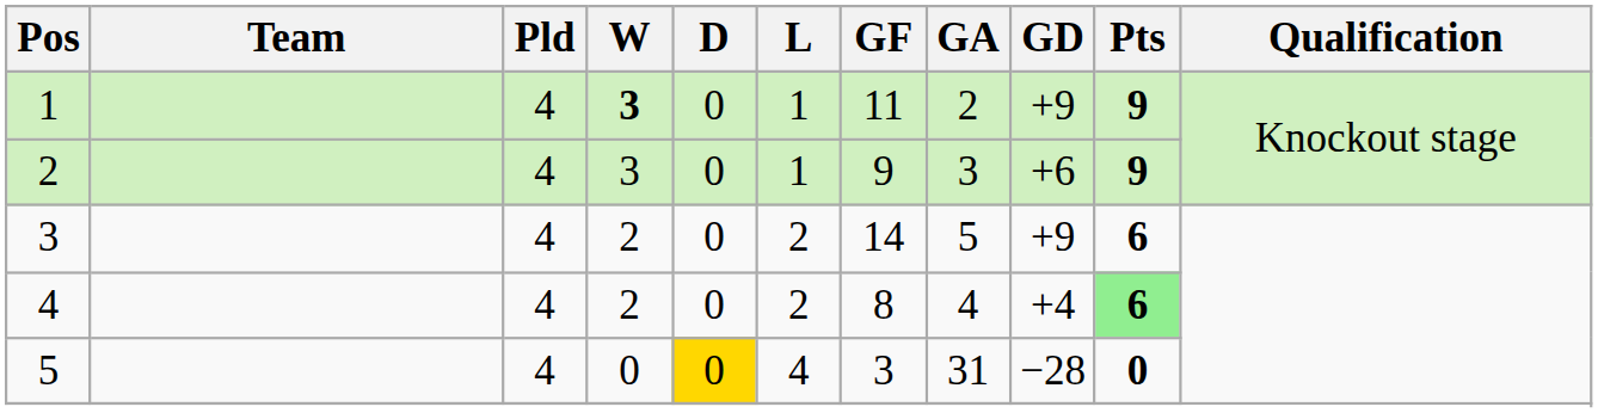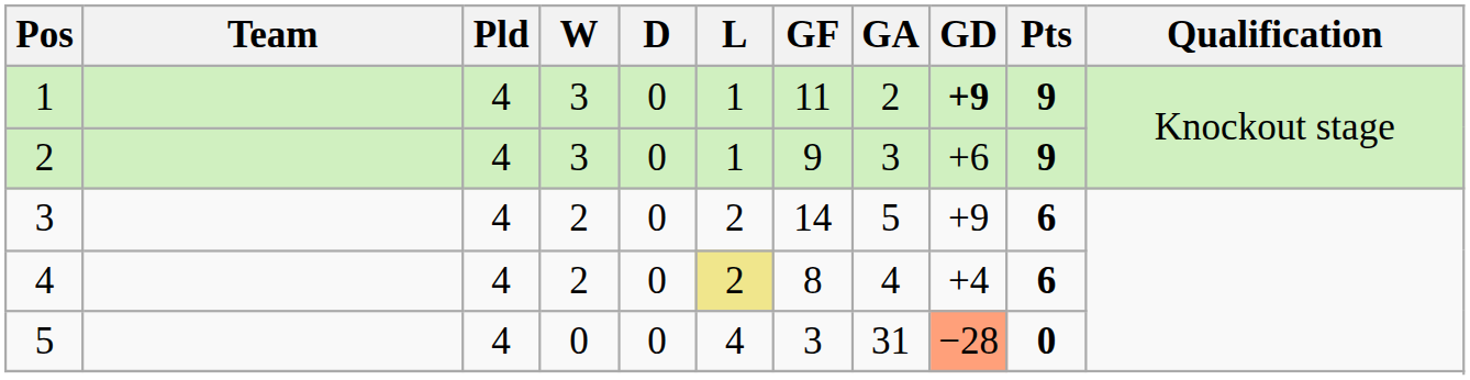 <table class="wikitable" border="1" style="text-align: center;">
 <tr>
 <th width="25"><abbr>Pos</abbr></th>
 <th width="150">Team</th>
 <th width="25"><abbr>Pld</abbr></th>
 <th width="25"><abbr>W</abbr></th>
 <th width="25"><abbr>D</abbr></th>
 <th width="25"><abbr>L</abbr></th>
 <th width="25"><abbr>GF</abbr></th>
 <th width="25"><abbr>GA</abbr></th>
 <th width="25"><abbr>GD</abbr></th>
 <th width="25"><abbr>Pts</abbr></th>
 <th width="150">Qualification</th>
 </tr>
 <tr bgcolor= #D0F0C0>
 <td>1</td>
 <td align="left"></td>
 <td>4</td>
-<td><strong>3</strong></td>
+<td>3</td>
 <td>0</td>
 <td>1</td>
 <td>11</td>
 <td>2</td>
-<td>+9</td>
+<td><strong>+9</strong></td>
 <td><strong>9</strong></td>
 <td rowspan=2>Knockout stage</td>
 </tr>
 <tr bgcolor= #D0F0C0>
 <td>2</td>
 <td align="left"></td>
 <td>4</td>
 <td>3</td>
 <td>0</td>
 <td>1</td>
 <td>9</td>
 <td>3</td>
 <td>+6</td>
 <td><strong>9</strong></td>
 </tr>
 <tr>
 <td>3</td>
 <td align="left"></td>
 <td>4</td>
 <td>2</td>
 <td>0</td>
 <td>2</td>
 <td>14</td>
 <td>5</td>
 <td>+9</td>
 <td><strong>6</strong></td>
 </tr>
 <tr>
 <td>4</td>
 <td align="left"></td>
 <td>4</td>
 <td>2</td>
 <td>0</td>
-<td>2</td>
+<td style="background: khaki;">2</td>
 <td>8</td>
 <td>4</td>
 <td>+4</td>
-<td style="background: lightgreen;"><strong>6</strong></td>
+<td><strong>6</strong></td>
 </tr>
 <tr>
 <td>5</td>
 <td align="left"></td>
 <td>4</td>
 <td>0</td>
-<td style="background: gold;">0</td>
+<td>0</td>
 <td>4</td>
 <td>3</td>
 <td>31</td>
-<td>−28</td>
+<td style="background: lightsalmon;">−28</td>
 <td><strong>0</strong></td>
 </tr>
 <tr>
 </tr>
 </table>
